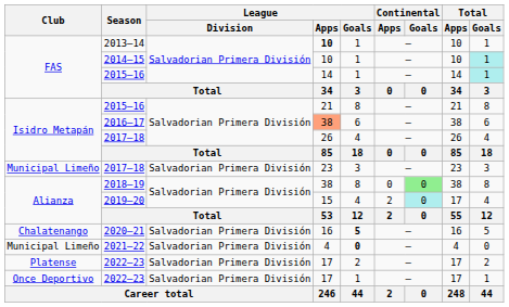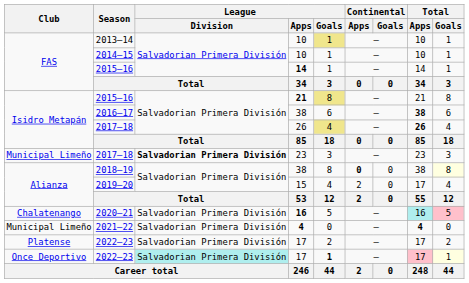 <table class="wikitable", style="text-align:center">
 <tr>
 <th rowspan="2">Club</th>
 <th rowspan="2">Season</th>
 <th colspan="3">League</th>
 <th colspan="2">Continental</th>
 <th colspan="2">Total</th>
 </tr>
 <tr>
 <th>Division</th>
 <th>Apps</th>
 <th>Goals</th>
 <th>Apps</th>
 <th>Goals</th>
 <th>Apps</th>
 <th>Goals</th>
 </tr>
 <tr>
 <td rowspan="4"><a href='#'>FAS</a></td>
 <td>2013–14</td>
 <td rowspan="3"><a href='#'>Salvadorian Primera División</a></td>
-<td><strong>10</strong></td>
-<td>1</td>
+<td>10</td>
+<td style="background: khaki;">1</td>
 <td colspan="2">—</td>
 <td>10</td>
 <td>1</td>
 </tr>
 <tr>
 <td><a href='#'>2014–15</a></td>
 <td>10</td>
 <td>1</td>
 <td colspan="2">—</td>
 <td>10</td>
-<td style="background: paleturquoise;">1</td>
+<td>1</td>
 </tr>
 <tr>
 <td><a href='#'>2015–16</a></td>
-<td>14</td>
+<td><strong>14</strong></td>
 <td>1</td>
 <td colspan="2">—</td>
 <td>14</td>
-<td style="background: paleturquoise;">1</td>
+<td>1</td>
 </tr>
 <tr>
 <th colspan="2">Total</th>
 <th>34</th>
 <th>3</th>
 <th>0</th>
 <th>0</th>
 <th>34</th>
 <th>3</th>
 </tr>
 <tr>
 <td rowspan="4"><a href='#'>Isidro Metapán</a></td>
 <td><a href='#'>2015–16</a></td>
 <td rowspan="3">Salvadorian Primera División</td>
-<td>21</td>
-<td>8</td>
+<td><strong>21</strong></td>
+<td style="background: khaki;">8</td>
 <td colspan="2">—</td>
 <td>21</td>
 <td>8</td>
 </tr>
 <tr>
 <td><a href='#'>2016–17</a></td>
-<td style="background: lightsalmon;">38</td>
+<td>38</td>
 <td>6</td>
 <td colspan="2">—</td>
-<td>38</td>
+<td><strong>38</strong></td>
 <td>6</td>
 </tr>
 <tr>
 <td><a href='#'>2017–18</a></td>
 <td>26</td>
-<td>4</td>
+<td style="background: khaki;">4</td>
 <td colspan="2">—</td>
-<td>26</td>
+<td><strong>26</strong></td>
 <td>4</td>
 </tr>
 <tr>
 <th colspan="2">Total</th>
 <th>85</th>
 <th>18</th>
 <th>0</th>
 <th>0</th>
 <th>85</th>
 <th>18</th>
 </tr>
 <tr>
 <td><a href='#'>Municipal Limeño</a></td>
 <td><a href='#'>2017–18</a></td>
-<td>Salvadorian Primera División</td>
+<td><strong>Salvadorian Primera División</strong></td>
 <td>23</td>
 <td>3</td>
 <td colspan="2">—</td>
 <td>23</td>
 <td>3</td>
 </tr>
 <tr>
 <td rowspan="3"><a href='#'>Alianza</a></td>
 <td><a href='#'>2018–19</a></td>
 <td rowspan="2">Salvadorian Primera División</td>
 <td>38</td>
 <td>8</td>
+<td><strong>0</strong></td>
 <td>0</td>
-<td style="background: lightgreen;">0</td>
 <td>38</td>
-<td>8</td>
+<td style="background: lightyellow;">8</td>
 </tr>
 <tr>
 <td><a href='#'>2019–20</a></td>
 <td>15</td>
 <td>4</td>
 <td>2</td>
-<td style="background: paleturquoise;">0</td>
+<td>0</td>
 <td>17</td>
 <td>4</td>
 </tr>
 <tr>
 <th colspan="2">Total</th>
 <th>53</th>
 <th>12</th>
 <th>2</th>
 <th>0</th>
 <th>55</th>
 <th>12</th>
 </tr>
 <tr>
 <td><a href='#'>Chalatenango</a></td>
 <td><a href='#'>2020–21</a></td>
 <td>Salvadorian Primera División</td>
-<td>16</td>
-<td><strong>5</strong></td>
+<td><strong>16</strong></td>
+<td>5</td>
 <td colspan="2">—</td>
-<td>16</td>
-<td>5</td>
+<td style="background: paleturquoise;">16</td>
+<td style="background: pink;">5</td>
 </tr>
 <tr>
 <td>Municipal Limeño</td>
 <td><a href='#'>2021–22</a></td>
 <td>Salvadorian Primera División</td>
-<td>4</td>
-<td><strong>0</strong></td>
+<td><strong>4</strong></td>
+<td>0</td>
 <td colspan="2">—</td>
-<td>4</td>
+<td><strong>4</strong></td>
 <td>0</td>
 </tr>
 <tr>
 <td><a href='#'>Platense</a></td>
 <td><a href='#'>2022–23</a></td>
 <td>Salvadorian Primera División</td>
 <td>17</td>
 <td>2</td>
 <td colspan="2">—</td>
 <td>17</td>
 <td>2</td>
 </tr>
 <tr>
 <td><a href='#'>Once Deportivo</a></td>
 <td><a href='#'>2022–23</a></td>
-<td>Salvadorian Primera División</td>
+<td style="background: paleturquoise;">Salvadorian Primera División</td>
 <td>17</td>
-<td>1</td>
+<td><strong>1</strong></td>
 <td colspan="2">—</td>
-<td>17</td>
-<td>1</td>
+<td style="background: pink;">17</td>
+<td style="background: lightyellow;">1</td>
 </tr>
 <tr>
 <th colspan="3">Career total</th>
 <th>246</th>
 <th>44</th>
 <th>2</th>
 <th>0</th>
 <th>248</th>
 <th>44</th>
 </tr>
 </table>
